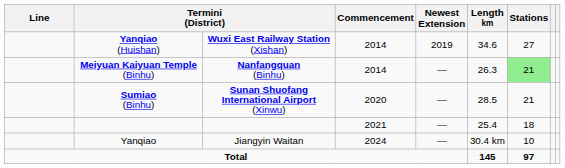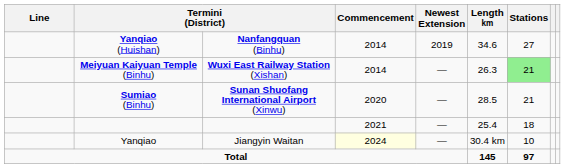 <table class="wikitable sortable" style="cell-padding:1.5; font-size:96%; text-align:center;">
 <tr>
 <th data-sort-type="text"style="width:120px;">Line</th>
 <th class="unsortable" colspan="2" style="width:450px; line-height:1.05">Termini<br>(District)</th>
 <th>Commencement</th>
 <th>Newest<br>Extension</th>
 <th style="line-height:1.05">Length<br><small>km</small></th>
 <th style="line-height:1.05">Stations</th>
 <th></th>
 <th></th>
 </tr>
 <tr>
 <td style="text-align:center; line-height:1.05"></td>
 <td style="text-align:center; width:225px; line-height:1.05"><strong><a href='#'>Yanqiao</a></strong><br>(<a href='#'>Huishan</a>)</td>
-<td style="text-align:center; width:225px; line-height:1.05"><strong><a href='#'>Wuxi East Railway Station</a></strong><br>(<a href='#'>Xishan</a>)</td>
+<td style="text-align:center; width:225px; line-height:1.05"><strong><a href='#'>Nanfangquan</a></strong><br>(<a href='#'>Binhu</a>)</td>
 <td style="text-align:center; line-height:1.05">2014</td>
 <td style="text-align:center; line-height:1.05">2019</td>
 <td style="text-align:center; line-height:1.05">34.6</td>
 <td style="text-align:center; line-height:1.05">27</td>
 <td></td>
 <td></td>
 </tr>
 <tr>
 <td style="text-align:center; line-height:1.05"></td>
 <td style="text-align:center; width:225px; line-height:1.05"><strong><a href='#'>Meiyuan Kaiyuan Temple</a></strong><br>(<a href='#'>Binhu</a>)</td>
-<td style="text-align:center; width:225px; line-height:1.05"><strong><a href='#'>Nanfangquan</a></strong><br>(<a href='#'>Binhu</a>)</td>
+<td style="text-align:center; width:225px; line-height:1.05"><strong><a href='#'>Wuxi East Railway Station</a></strong><br>(<a href='#'>Xishan</a>)</td>
 <td style="text-align:center; line-height:1.05">2014</td>
 <td style="text-align:center; line-height:1.05">—</td>
 <td style="text-align:center; line-height:1.05">26.3</td>
 <td style="background: lightgreen; text-align:center; line-height:1.05">21</td>
 <td></td>
 <td></td>
 </tr>
 <tr>
 <td style="text-align:center; line-height:1.05"></td>
 <td style="text-align:center; width:225px; line-height:1.05"><strong><a href='#'>Sumiao</a></strong><br>(<a href='#'>Binhu</a>)</td>
 <td style="text-align:center; width:225px; line-height:1.05"><strong><a href='#'>Sunan Shuofang International Airport</a></strong><br>(<a href='#'>Xinwu</a>)</td>
 <td style="text-align:center; line-height:1.05">2020</td>
 <td style="text-align:center; line-height:1.05">—</td>
 <td style="text-align:center; line-height:1.05">28.5</td>
 <td style="text-align:center; line-height:1.05">21</td>
 <td></td>
 <td></td>
 </tr>
 <tr>
 <td style="text-align:center; line-height:1.05"></td>
 <td style="text-align:center; width:225px; line-height:1.05"><strong></strong></td>
 <td style="text-align:center; width:225px; line-height:1.05"><strong></strong></td>
 <td style="text-align:center; line-height:1.05">2021</td>
 <td style="text-align:center; line-height:1.05">—</td>
 <td style="text-align:center; line-height:1.05">25.4</td>
 <td style="text-align:center; line-height:1.05">18</td>
 <td></td>
 <td></td>
 </tr>
 <tr>
 <td><br></td>
 <td>Yanqiao</td>
 <td>Jiangyin Waitan</td>
-<td>2024</td>
+<td style="background: lightyellow;">2024</td>
 <td>—</td>
 <td>30.4 km</td>
 <td>10</td>
 <td></td>
 <td></td>
 </tr>
 <tr class="sortbottom">
 <td colspan="5" style="text-align:center; line-height:1.05"><strong>Total</strong></td>
 <td style="text-align:center; line-height:1.05"><strong>145</strong></td>
 <td style="text-align:center; line-height:1.05"><strong>97</strong></td>
 <td></td>
 <td></td>
 </tr>
 </table>
